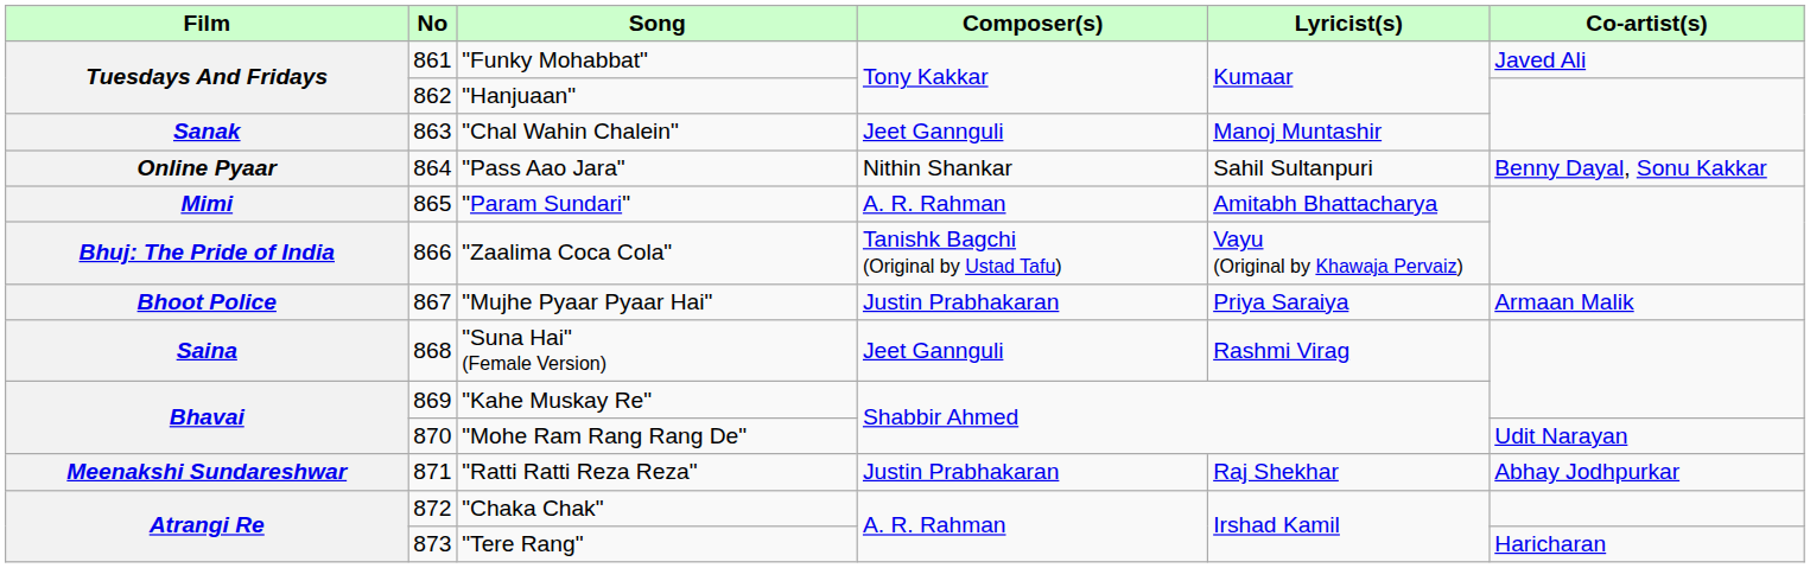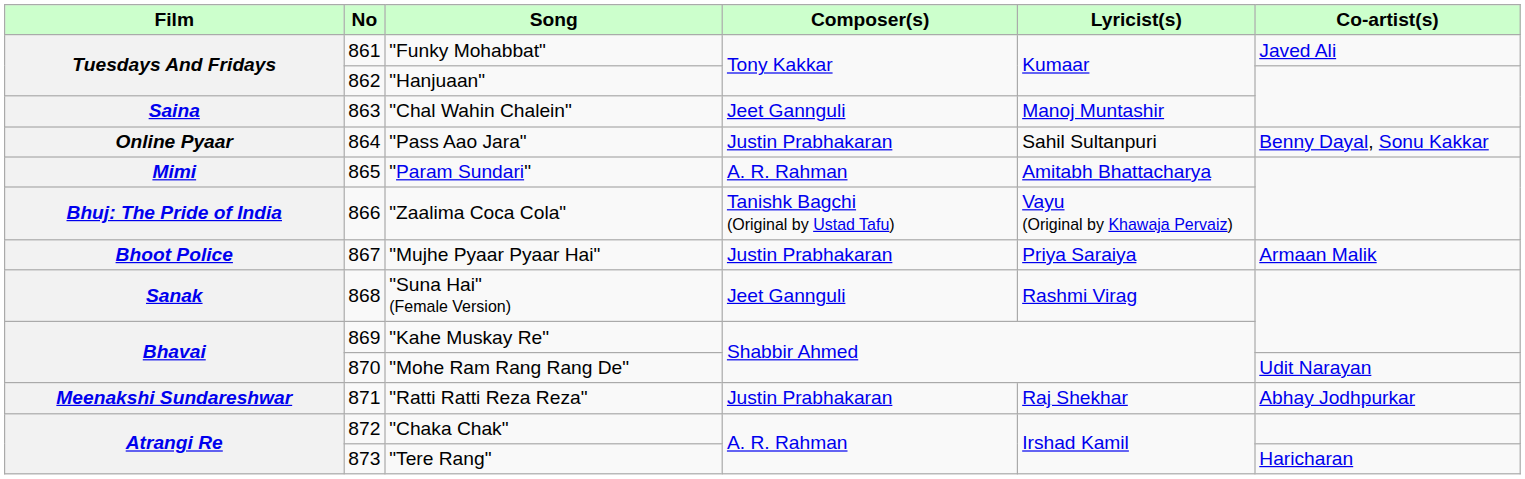 <table class="wikitable plainrowheaders" style="width:100%; textcolor:#000">
 <tr style="background:#cfc; text-align:center;">
 <td scope="col" style="width:23%;"><strong>Film</strong></td>
 <td><strong>No</strong></td>
 <td scope="col" style="width:23%;"><strong>Song</strong></td>
 <td scope="col" style="width:20%;"><strong>Composer(s)</strong></td>
 <td scope="col" style="width:16%;"><strong>Lyricist(s)</strong></td>
 <td scope="col" style="width:18%;"><strong>Co-artist(s)</strong></td>
 </tr>
 <tr>
 <th scope="row" rowspan="2"><em>Tuesdays And Fridays</em></th>
 <td>861</td>
 <td>"Funky Mohabbat"</td>
 <td rowspan="2"><a href='#'>Tony Kakkar</a></td>
 <td rowspan="2"><a href='#'>Kumaar</a></td>
 <td><a href='#'>Javed Ali</a></td>
 </tr>
 <tr>
 <td>862</td>
 <td>"Hanjuaan"</td>
 <td rowspan="2"></td>
 </tr>
 <tr>
-<th scope="row"><em><a href='#'>Sanak</a></em></th>
+<th scope="row"><a href='#'><em>Saina</em></a></th>
 <td>863</td>
 <td>"Chal Wahin Chalein"</td>
 <td><a href='#'>Jeet Gannguli</a></td>
 <td><a href='#'>Manoj Muntashir</a></td>
 </tr>
 <tr>
 <th scope="row"><em>Online Pyaar</em></th>
 <td>864</td>
 <td>"Pass Aao Jara"</td>
-<td>Nithin Shankar</td>
+<td><a href='#'>Justin Prabhakaran</a></td>
 <td>Sahil Sultanpuri</td>
 <td><a href='#'>Benny Dayal</a>, <a href='#'>Sonu Kakkar</a></td>
 </tr>
 <tr>
 <th scope="row"><a href='#'><em>Mimi</em></a></th>
 <td>865</td>
 <td>"<a href='#'>Param Sundari</a>"</td>
 <td><a href='#'>A. R. Rahman</a></td>
 <td><a href='#'>Amitabh Bhattacharya</a></td>
 <td rowspan="2"></td>
 </tr>
 <tr>
 <th scope="row"><em><a href='#'>Bhuj: The Pride of India</a></em></th>
 <td>866</td>
 <td>"Zaalima Coca Cola"</td>
 <td><a href='#'>Tanishk Bagchi</a><br><small>(Original by <a href='#'>Ustad Tafu</a>)</small><br></td>
 <td><a href='#'>Vayu</a><br><small>(Original by <a href='#'>Khawaja Pervaiz</a>)</small><br></td>
 </tr>
 <tr>
 <th scope="row"><em><a href='#'>Bhoot Police</a></em></th>
 <td>867</td>
 <td>"Mujhe Pyaar Pyaar Hai"</td>
 <td><a href='#'>Justin Prabhakaran</a></td>
 <td><a href='#'>Priya Saraiya</a></td>
 <td><a href='#'>Armaan Malik</a></td>
 </tr>
 <tr>
-<th scope="row"><a href='#'><em>Saina</em></a></th>
+<th scope="row"><em><a href='#'>Sanak</a></em></th>
 <td>868</td>
 <td>"Suna Hai"<br><small>(Female Version)</small></td>
 <td><a href='#'>Jeet Gannguli</a></td>
 <td><a href='#'>Rashmi Virag</a></td>
 <td rowspan="2"></td>
 </tr>
 <tr>
 <th rowspan="2" scope="row"><em><a href='#'>Bhavai</a></em></th>
 <td>869</td>
 <td>"Kahe Muskay Re"</td>
 <td colspan="2" rowspan="2"><a href='#'>Shabbir Ahmed</a></td>
 </tr>
 <tr>
 <td>870</td>
 <td>"Mohe Ram Rang Rang De"</td>
 <td><a href='#'>Udit Narayan</a></td>
 </tr>
 <tr>
 <th scope="row"><em><a href='#'>Meenakshi Sundareshwar</a></em></th>
 <td>871</td>
 <td>"Ratti Ratti Reza Reza"</td>
 <td><a href='#'>Justin Prabhakaran</a></td>
 <td><a href='#'>Raj Shekhar</a></td>
 <td><a href='#'>Abhay Jodhpurkar</a></td>
 </tr>
 <tr>
 <th rowspan="2" scope="row"><em><a href='#'>Atrangi Re</a></em></th>
 <td>872</td>
 <td>"Chaka Chak"</td>
 <td rowspan="2"><a href='#'>A. R. Rahman</a></td>
 <td rowspan="2"><a href='#'>Irshad Kamil</a></td>
 <td></td>
 </tr>
 <tr>
 <td>873</td>
 <td>"Tere Rang"</td>
 <td><a href='#'>Haricharan</a></td>
 </tr>
 </table>
